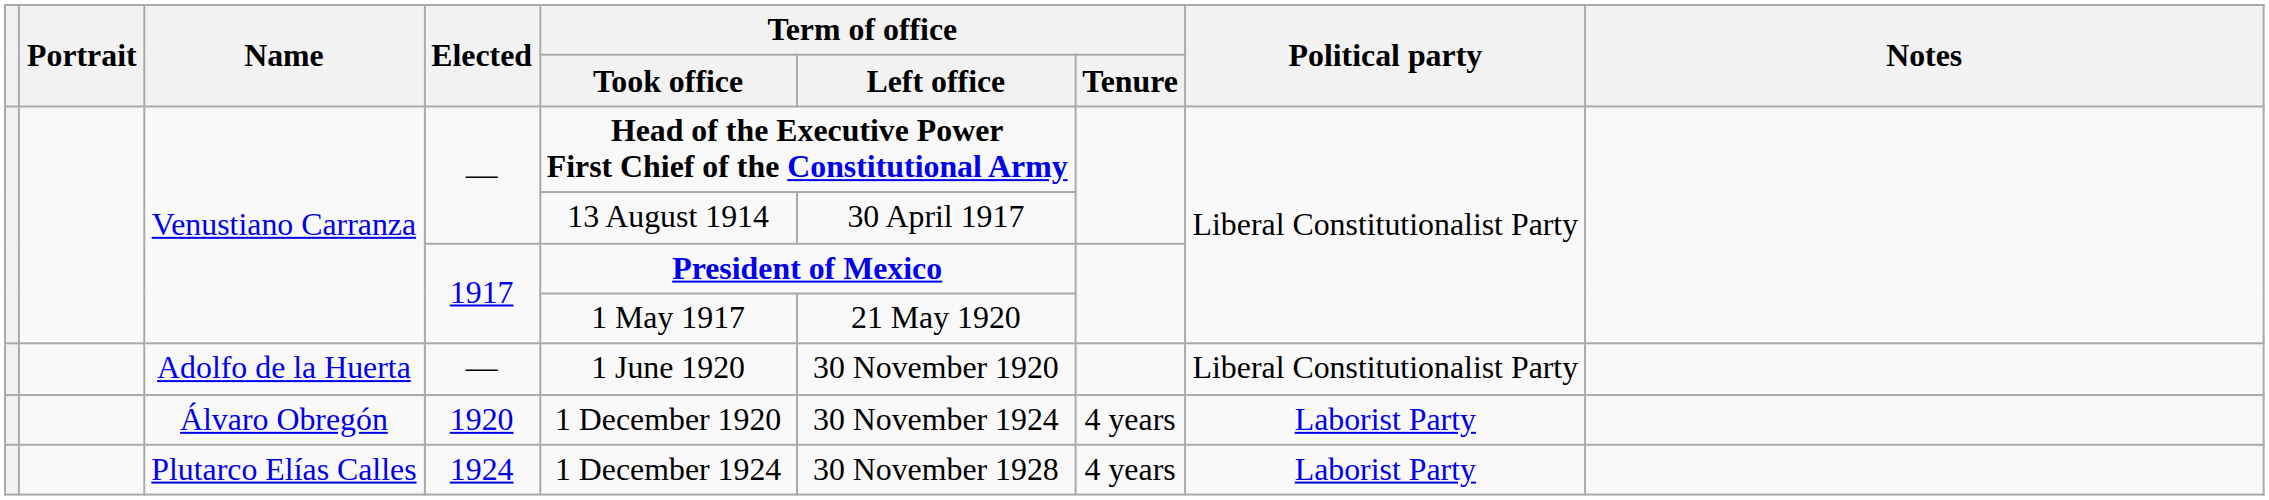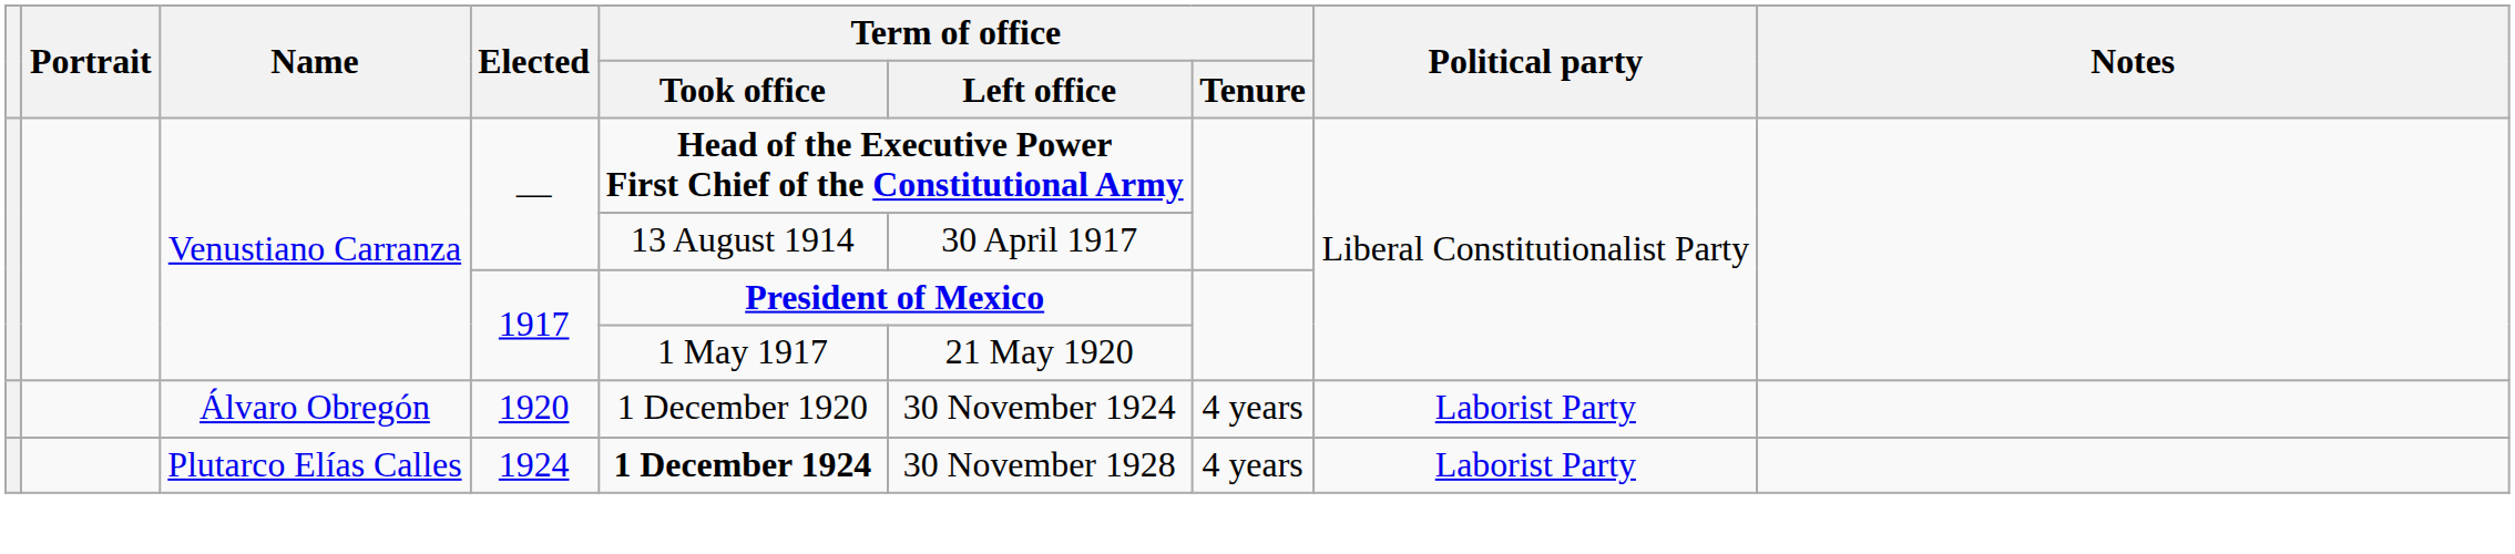 <table class="wikitable" style="text-align:center;">
 <tr>
 <th rowspan="2"></th>
 <th rowspan="2">Portrait</th>
 <th rowspan="2">Name<br></th>
 <th rowspan="2">Elected</th>
 <th colspan="3">Term of office</th>
 <th rowspan="2">Political party</th>
 <th rowspan="2">Notes</th>
 </tr>
 <tr>
 <th>Took office</th>
 <th>Left office</th>
 <th>Tenure</th>
 </tr>
 <tr>
 <th rowspan="4" style="background:"></th>
 <td rowspan="4"></td>
 <td rowspan="4"><a href='#'>Venustiano Carranza</a><br></td>
 <td rowspan="2">—</td>
 <td colspan="2"><strong>Head of the Executive Power</strong><br><strong>First Chief of the <a href='#'>Constitutional Army</a></strong></td>
 <td rowspan="2"></td>
 <td rowspan="4">Liberal Constitutionalist Party</td>
 <td rowspan="4"></td>
 </tr>
 <tr>
 <td>13 August 1914</td>
 <td>30 April 1917</td>
 </tr>
 <tr>
 <td rowspan="2"><a href='#'>1917</a></td>
 <td colspan="2"><strong><a href='#'>President of Mexico</a></strong></td>
 <td rowspan="2"></td>
 </tr>
 <tr>
 <td>1 May 1917</td>
 <td>21 May 1920</td>
 </tr>
 <tr>
 <th style="background:"></th>
 <td></td>
-<td><a href='#'>Adolfo de la Huerta</a><br></td>
-<td>—</td>
-<td>1 June 1920</td>
-<td>30 November 1920</td>
-<td></td>
-<td>Liberal Constitutionalist Party</td>
-<td style="width:30%;"></td>
-</tr>
-<tr>
-<th style="background:"></th>
-<td></td>
 <td><a href='#'>Álvaro Obregón</a><br></td>
 <td><a href='#'>1920</a></td>
 <td>1 December 1920</td>
 <td>30 November 1924</td>
 <td>4 years</td>
 <td><a href='#'>Laborist Party</a></td>
 <td style="width:30%;"> </td>
 </tr>
 <tr>
 <th style="background:"></th>
 <td></td>
 <td><a href='#'>Plutarco Elías Calles</a><br></td>
 <td><a href='#'>1924</a></td>
-<td>1 December 1924</td>
+<td><strong>1 December 1924</strong></td>
 <td>30 November 1928</td>
 <td>4 years</td>
 <td><a href='#'>Laborist Party</a></td>
 <td style="width:30%;"> </td>
 </tr>
 </table>
